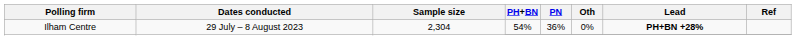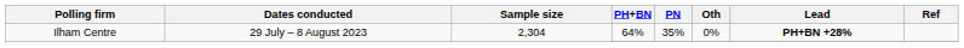 <table class="wikitable unsortable" style="text-align:center;font-size:90%;line-height:1.2">
 <tr>
 <th>Polling firm</th>
 <th>Dates conducted</th>
 <th>Sample size</th>
 <th style="width:4%; "><a href='#'>PH</a>+<a href='#'>BN</a></th>
 <th style="width:4%; "><a href='#'>PN</a></th>
 <th style="width:4%; ">Oth</th>
 <th>Lead</th>
 <th>Ref</th>
 </tr>
 <tr>
 <td rowspan="6">Ilham Centre</td>
 <td rowspan="6">29 July – 8 August 2023</td>
 <td rowspan="6">2,304</td>
-<td>54%</td>
-<td>36%</td>
+<td>64%</td>
+<td>35%</td>
 <td>0%</td>
 <td><strong>PH+BN +28%</strong></td>
 <td></td>
 </tr>
 <tr>
 </tr>
 </table>
